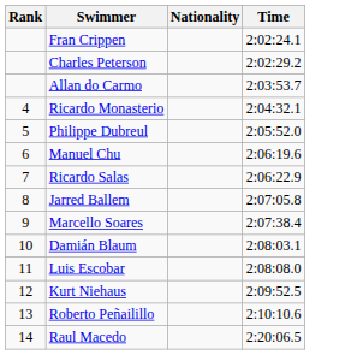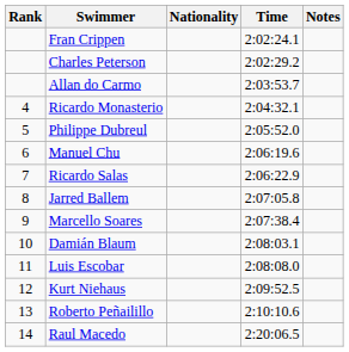 <table class="wikitable sortable" style=" text-align:center;">
 <tr>
 <th>Rank</th>
 <th>Swimmer</th>
 <th>Nationality</th>
 <th>Time</th>
+<th>Notes</th>
 </tr>
 <tr>
 <td></td>
 <td align="left"><a href='#'>Fran Crippen</a></td>
 <td align="left"></td>
 <td>2:02:24.1</td>
+<td></td>
 </tr>
 <tr>
 <td></td>
 <td align="left"><a href='#'>Charles Peterson</a></td>
 <td align="left"></td>
 <td>2:02:29.2</td>
+<td></td>
 </tr>
 <tr>
 <td></td>
 <td align="left"><a href='#'>Allan do Carmo</a></td>
 <td align="left"></td>
 <td>2:03:53.7</td>
+<td></td>
 </tr>
 <tr>
 <td>4</td>
 <td align="left"><a href='#'>Ricardo Monasterio</a></td>
 <td align="left"></td>
 <td>2:04:32.1</td>
+<td></td>
 </tr>
 <tr>
 <td>5</td>
 <td align="left"><a href='#'>Philippe Dubreul</a></td>
 <td align="left"></td>
 <td>2:05:52.0</td>
+<td></td>
 </tr>
 <tr>
 <td>6</td>
 <td align="left"><a href='#'>Manuel Chu</a></td>
 <td align="left"></td>
 <td>2:06:19.6</td>
+<td></td>
 </tr>
 <tr>
 <td>7</td>
 <td align="left"><a href='#'>Ricardo Salas</a></td>
 <td align="left"></td>
 <td>2:06:22.9</td>
+<td></td>
 </tr>
 <tr>
 <td>8</td>
 <td align="left"><a href='#'>Jarred Ballem</a></td>
 <td align="left"></td>
 <td>2:07:05.8</td>
+<td></td>
 </tr>
 <tr>
 <td>9</td>
 <td align="left"><a href='#'>Marcello Soares</a></td>
 <td align="left"></td>
 <td>2:07:38.4</td>
+<td></td>
 </tr>
 <tr>
 <td>10</td>
 <td align="left"><a href='#'>Damián Blaum</a></td>
 <td align="left"></td>
 <td>2:08:03.1</td>
+<td></td>
 </tr>
 <tr>
 <td>11</td>
 <td align="left"><a href='#'>Luis Escobar</a></td>
 <td align="left"></td>
 <td>2:08:08.0</td>
+<td></td>
 </tr>
 <tr>
 <td>12</td>
 <td align="left"><a href='#'>Kurt Niehaus</a></td>
 <td align="left"></td>
 <td>2:09:52.5</td>
+<td></td>
 </tr>
 <tr>
 <td>13</td>
 <td align="left"><a href='#'>Roberto Peñailillo</a></td>
 <td align="left"></td>
 <td>2:10:10.6</td>
+<td></td>
 </tr>
 <tr>
 <td>14</td>
 <td align="left"><a href='#'>Raul Macedo</a></td>
 <td align="left"></td>
 <td>2:20:06.5</td>
+<td></td>
 </tr>
 </table>
